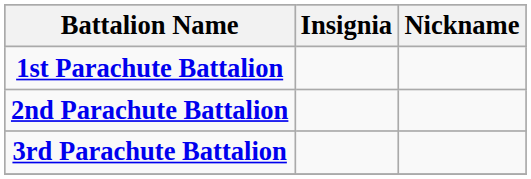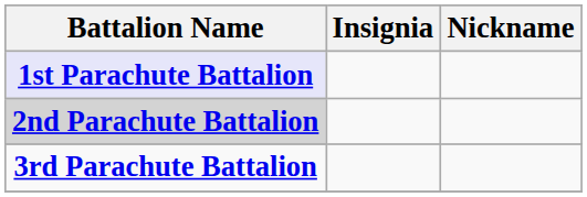 <table class="wikitable" style="text-align:center;">
 <tr style="background:#ccc;">
 <th><strong>Battalion Name</strong></th>
 <th><strong>Insignia</strong></th>
 <th><strong>Nickname</strong></th>
 </tr>
 <tr>
-<td><strong><a href='#'>1st Parachute Battalion</a></strong></td>
+<td style="background: lavender;"><strong><a href='#'>1st Parachute Battalion</a></strong></td>
 <td></td>
 <td></td>
 </tr>
 <tr>
-<td><strong><a href='#'>2nd Parachute Battalion</a></strong></td>
+<td style="background: lightgrey;"><strong><a href='#'>2nd Parachute Battalion</a></strong></td>
 <td></td>
 <td></td>
 </tr>
 <tr>
 <td><strong><a href='#'>3rd Parachute Battalion</a></strong></td>
 <td></td>
 <td></td>
 </tr>
 <tr>
 </tr>
 </table>
